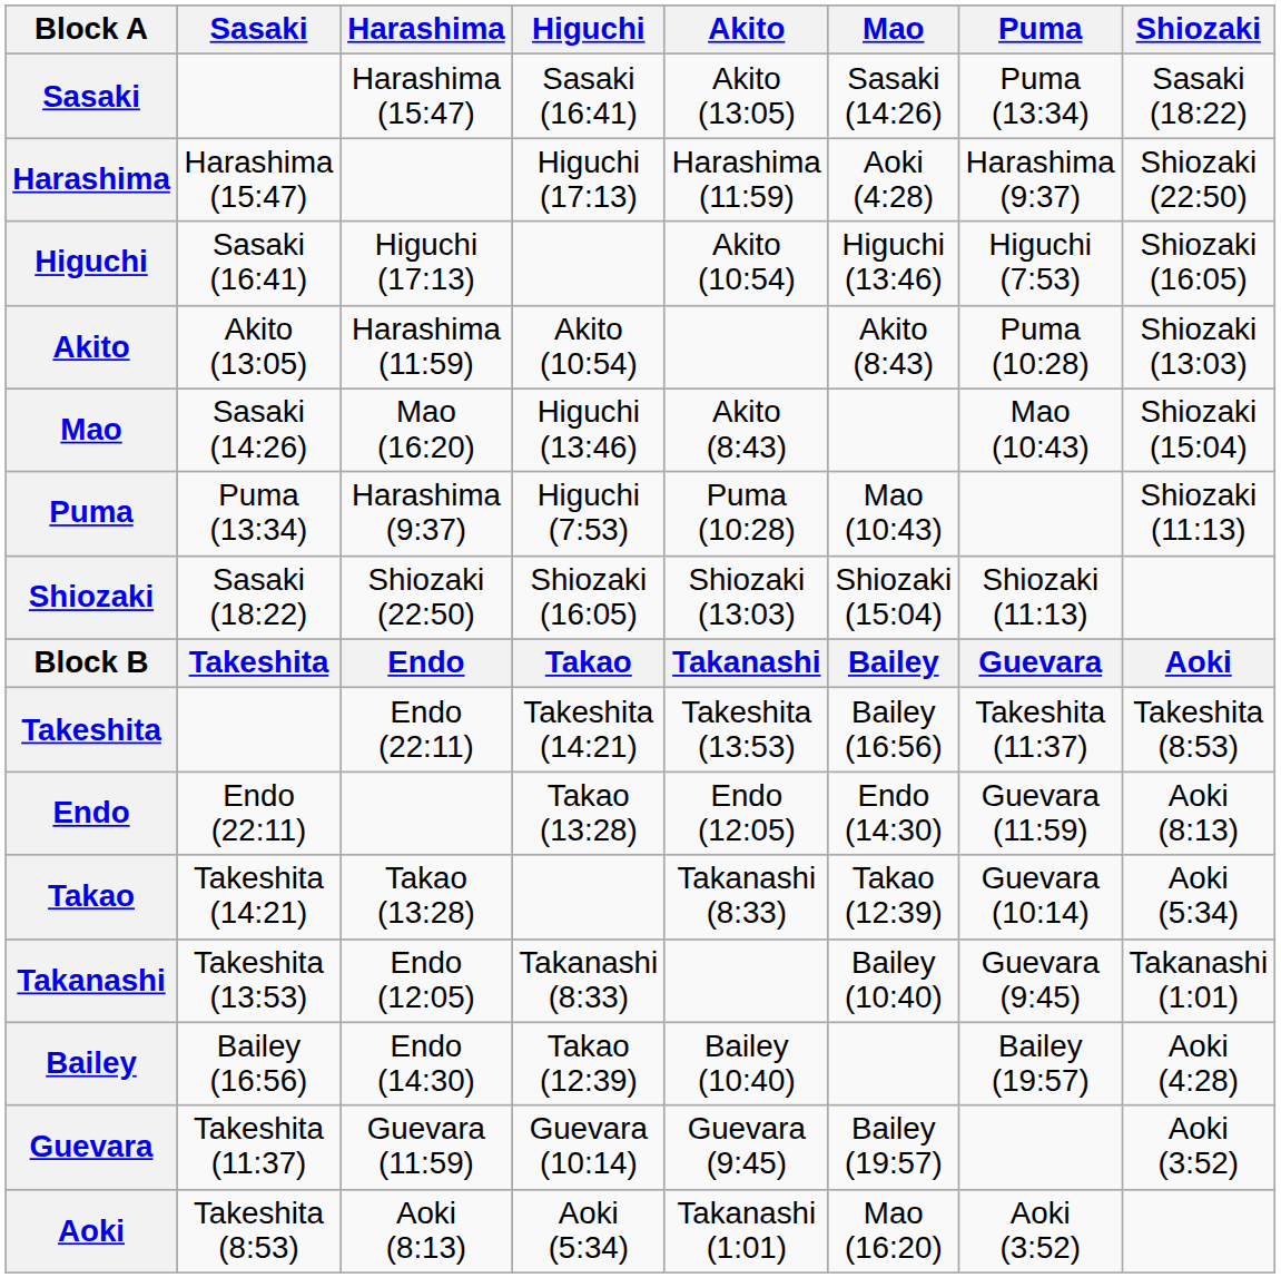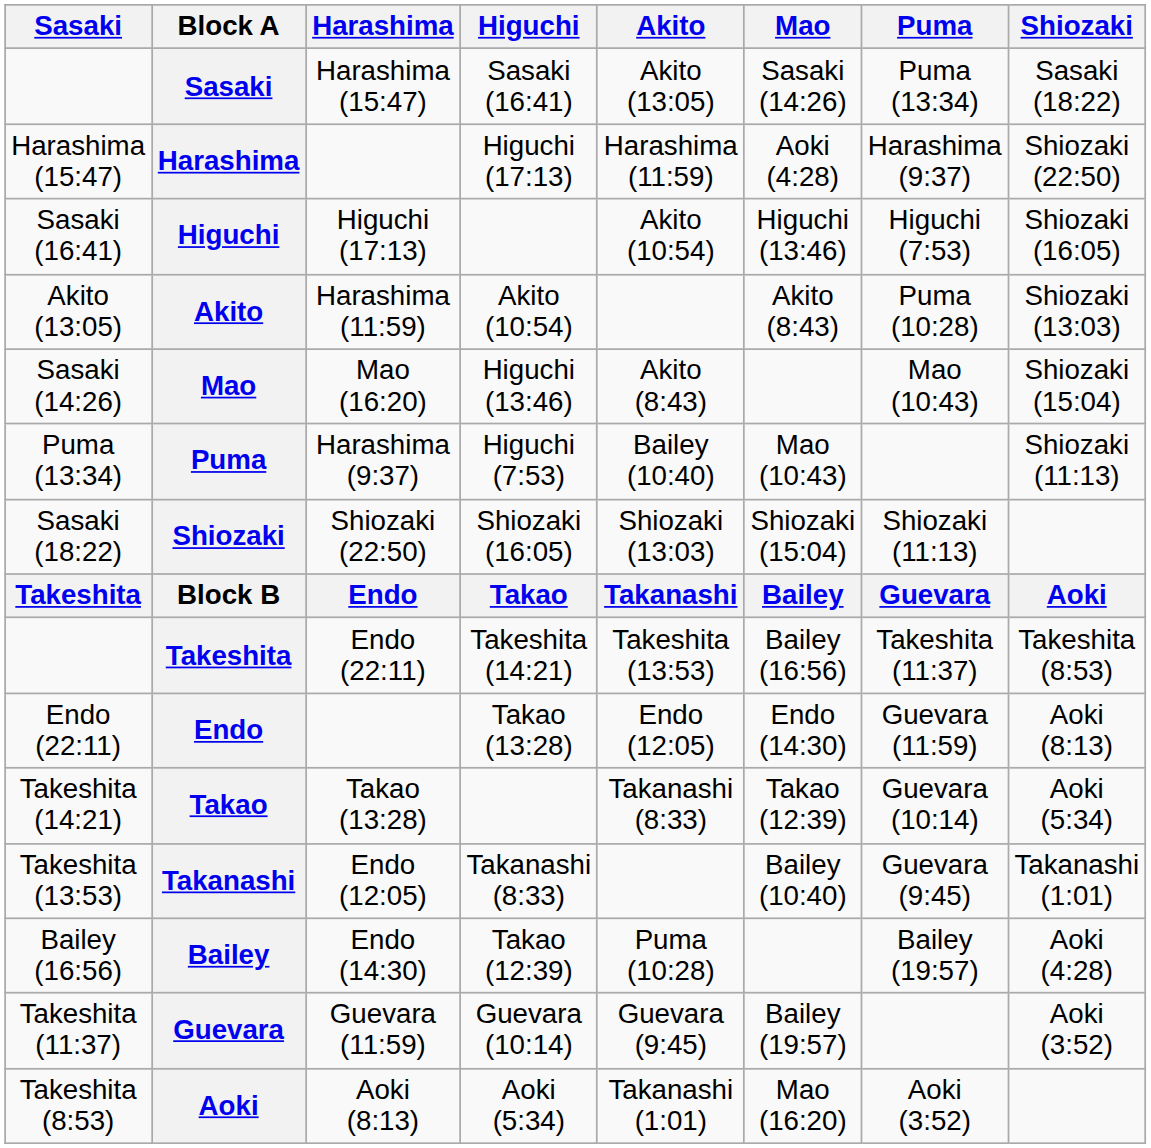 <table class="wikitable" style="margin: 1em auto 1em auto">
 <tr align="center">
+<th><a href='#'>Sasaki</a></th>
 <th>Block A</th>
-<th><a href='#'>Sasaki</a></th>
 <th><a href='#'>Harashima</a></th>
 <th><a href='#'>Higuchi</a></th>
 <th><a href='#'>Akito</a></th>
 <th><a href='#'>Mao</a></th>
 <th><a href='#'>Puma</a></th>
 <th><a href='#'>Shiozaki</a></th>
 </tr>
 <tr align="center">
+<td></td>
 <th><a href='#'>Sasaki</a></th>
-<td></td>
 <td>Harashima<br>(15:47)</td>
 <td>Sasaki<br>(16:41)</td>
 <td>Akito<br>(13:05)</td>
 <td>Sasaki<br>(14:26)</td>
 <td>Puma<br>(13:34)</td>
 <td>Sasaki<br>(18:22)</td>
 </tr>
 <tr align="center">
+<td>Harashima<br>(15:47)</td>
 <th><a href='#'>Harashima</a></th>
-<td>Harashima<br>(15:47)</td>
 <td></td>
 <td>Higuchi<br>(17:13)</td>
 <td>Harashima<br>(11:59)</td>
 <td>Aoki<br>(4:28)</td>
 <td>Harashima<br>(9:37)</td>
 <td>Shiozaki<br>(22:50)</td>
 </tr>
 <tr align="center">
+<td>Sasaki<br>(16:41)</td>
 <th><a href='#'>Higuchi</a></th>
-<td>Sasaki<br>(16:41)</td>
 <td>Higuchi<br>(17:13)</td>
 <td></td>
 <td>Akito<br>(10:54)</td>
 <td>Higuchi<br>(13:46)</td>
 <td>Higuchi<br>(7:53)</td>
 <td>Shiozaki<br>(16:05)</td>
 </tr>
 <tr align="center">
+<td>Akito<br>(13:05)</td>
 <th><a href='#'>Akito</a></th>
-<td>Akito<br>(13:05)</td>
 <td>Harashima<br>(11:59)</td>
 <td>Akito<br>(10:54)</td>
 <td></td>
 <td>Akito<br>(8:43)</td>
 <td>Puma<br>(10:28)</td>
 <td>Shiozaki<br>(13:03)</td>
 </tr>
 <tr align="center">
+<td>Sasaki<br>(14:26)</td>
 <th><a href='#'>Mao</a></th>
-<td>Sasaki<br>(14:26)</td>
 <td>Mao<br>(16:20)</td>
 <td>Higuchi<br>(13:46)</td>
 <td>Akito<br>(8:43)</td>
 <td></td>
 <td>Mao<br>(10:43)</td>
 <td>Shiozaki<br>(15:04)</td>
 </tr>
 <tr align="center">
+<td>Puma<br>(13:34)</td>
 <th><a href='#'>Puma</a></th>
-<td>Puma<br>(13:34)</td>
 <td>Harashima<br>(9:37)</td>
 <td>Higuchi<br>(7:53)</td>
-<td>Puma<br>(10:28)</td>
+<td>Bailey<br>(10:40)</td>
 <td>Mao<br>(10:43)</td>
 <td></td>
 <td>Shiozaki<br>(11:13)</td>
 </tr>
 <tr align="center">
+<td>Sasaki<br>(18:22)</td>
 <th><a href='#'>Shiozaki</a></th>
-<td>Sasaki<br>(18:22)</td>
 <td>Shiozaki<br>(22:50)</td>
 <td>Shiozaki<br>(16:05)</td>
 <td>Shiozaki<br>(13:03)</td>
 <td>Shiozaki<br>(15:04)</td>
 <td>Shiozaki<br>(11:13)</td>
 <td></td>
 </tr>
 <tr align="center">
+<th><a href='#'>Takeshita</a></th>
 <th>Block B</th>
-<th><a href='#'>Takeshita</a></th>
 <th><a href='#'>Endo</a></th>
 <th><a href='#'>Takao</a></th>
 <th><a href='#'>Takanashi</a></th>
 <th><a href='#'>Bailey</a></th>
 <th><a href='#'>Guevara</a></th>
 <th><a href='#'>Aoki</a></th>
 </tr>
 <tr align="center">
+<td></td>
 <th><a href='#'>Takeshita</a></th>
-<td></td>
 <td>Endo<br>(22:11)</td>
 <td>Takeshita<br>(14:21)</td>
 <td>Takeshita<br>(13:53)</td>
 <td>Bailey<br>(16:56)</td>
 <td>Takeshita<br>(11:37)</td>
 <td>Takeshita<br>(8:53)</td>
 </tr>
 <tr align="center">
+<td>Endo<br>(22:11)</td>
 <th><a href='#'>Endo</a></th>
-<td>Endo<br>(22:11)</td>
 <td></td>
 <td>Takao<br>(13:28)</td>
 <td>Endo<br>(12:05)</td>
 <td>Endo<br>(14:30)</td>
 <td>Guevara<br>(11:59)</td>
 <td>Aoki<br>(8:13)</td>
 </tr>
 <tr align="center">
+<td>Takeshita<br>(14:21)</td>
 <th><a href='#'>Takao</a></th>
-<td>Takeshita<br>(14:21)</td>
 <td>Takao<br>(13:28)</td>
 <td></td>
 <td>Takanashi<br>(8:33)</td>
 <td>Takao<br>(12:39)</td>
 <td>Guevara<br>(10:14)</td>
 <td>Aoki<br>(5:34)</td>
 </tr>
 <tr align="center">
+<td>Takeshita<br>(13:53)</td>
 <th><a href='#'>Takanashi</a></th>
-<td>Takeshita<br>(13:53)</td>
 <td>Endo<br>(12:05)</td>
 <td>Takanashi<br>(8:33)</td>
 <td></td>
 <td>Bailey<br>(10:40)</td>
 <td>Guevara<br>(9:45)</td>
 <td>Takanashi<br>(1:01)</td>
 </tr>
 <tr align="center">
+<td>Bailey<br>(16:56)</td>
 <th><a href='#'>Bailey</a></th>
-<td>Bailey<br>(16:56)</td>
 <td>Endo<br>(14:30)</td>
 <td>Takao<br>(12:39)</td>
-<td>Bailey<br>(10:40)</td>
+<td>Puma<br>(10:28)</td>
 <td></td>
 <td>Bailey<br>(19:57)</td>
 <td>Aoki<br>(4:28)</td>
 </tr>
 <tr align="center">
+<td>Takeshita<br>(11:37)</td>
 <th><a href='#'>Guevara</a></th>
-<td>Takeshita<br>(11:37)</td>
 <td>Guevara<br>(11:59)</td>
 <td>Guevara<br>(10:14)</td>
 <td>Guevara<br>(9:45)</td>
 <td>Bailey<br>(19:57)</td>
 <td></td>
 <td>Aoki<br>(3:52)</td>
 </tr>
 <tr align="center">
+<td>Takeshita<br>(8:53)</td>
 <th><a href='#'>Aoki</a></th>
-<td>Takeshita<br>(8:53)</td>
 <td>Aoki<br>(8:13)</td>
 <td>Aoki<br>(5:34)</td>
 <td>Takanashi<br>(1:01)</td>
 <td>Mao<br>(16:20)</td>
 <td>Aoki<br>(3:52)</td>
 <td></td>
 </tr>
 </table>
